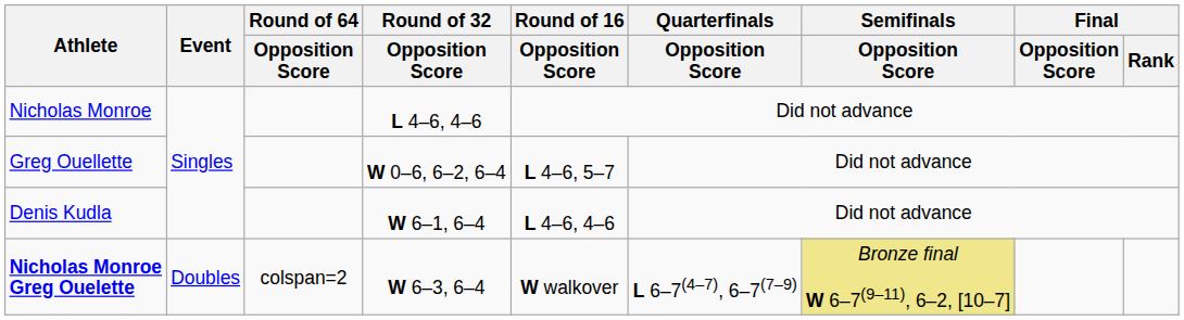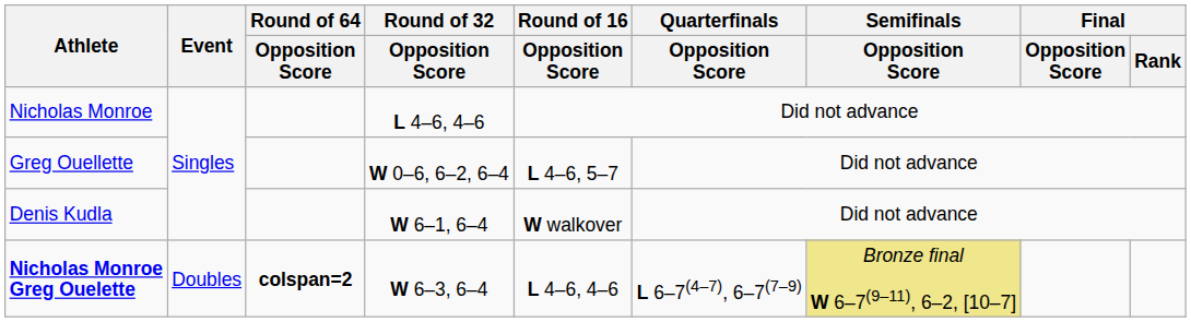 <table class="wikitable" style="font-size:90%">
 <tr>
 <th rowspan=2>Athlete</th>
 <th rowspan=2>Event</th>
 <th>Round of 64</th>
 <th>Round of 32</th>
 <th>Round of 16</th>
 <th>Quarterfinals</th>
 <th>Semifinals</th>
 <th colspan=2>Final</th>
 </tr>
 <tr>
 <th>Opposition<br>Score</th>
 <th>Opposition<br>Score</th>
 <th>Opposition<br>Score</th>
 <th>Opposition<br>Score</th>
 <th>Opposition<br>Score</th>
 <th>Opposition<br>Score</th>
 <th>Rank</th>
 </tr>
 <tr align=center>
 <td align=left><a href='#'>Nicholas Monroe</a></td>
 <td align=left rowspan=3><a href='#'>Singles</a></td>
 <td></td>
 <td><br><strong>L</strong> 4–6, 4–6</td>
 <td colspan=5>Did not advance</td>
 </tr>
 <tr align=center>
 <td align=left><a href='#'>Greg Ouellette</a></td>
 <td></td>
 <td><br><strong>W</strong> 0–6, 6–2, 6–4</td>
 <td><br> <strong>L</strong> 4–6, 5–7</td>
 <td colspan=4>Did not advance</td>
 </tr>
 <tr align=center>
 <td align=left><a href='#'>Denis Kudla</a></td>
 <td></td>
 <td><br><strong>W</strong> 6–1, 6–4</td>
-<td><br> <strong>L</strong> 4–6, 4–6</td>
+<td><br> <strong>W</strong> walkover</td>
 <td colspan=4>Did not advance</td>
 </tr>
 <tr align=center>
 <td align=left><strong><a href='#'>Nicholas Monroe</a><br><a href='#'>Greg Ouelette</a></strong></td>
 <td align=left><a href='#'>Doubles</a></td>
-<td>colspan=2 </td>
+<td><strong>colspan=2 </strong></td>
 <td><br> <strong>W</strong> 6–3, 6–4</td>
-<td><br> <strong>W</strong> walkover</td>
+<td><br> <strong>L</strong> 4–6, 4–6</td>
 <td><br><strong>L</strong> 6–7<sup>(4–7)</sup>, 6–7<sup>(7–9)</sup></td>
 <td style="background: khaki;"><em>Bronze final</em><br><br><strong>W</strong> 6–7<sup>(9–11)</sup>, 6–2, [10–7]</td>
 <td></td>
 </tr>
 </table>
